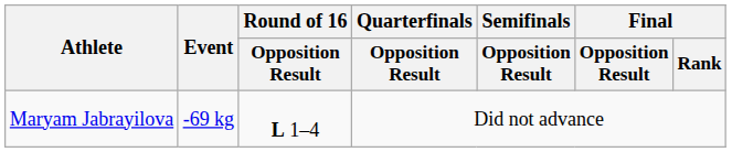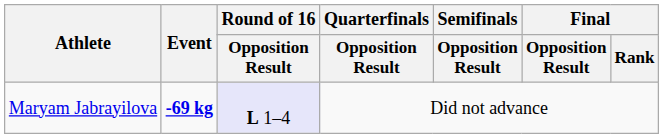 <table class="wikitable" style="font-size:90%">
 <tr>
 <th rowspan="2">Athlete</th>
 <th rowspan="2">Event</th>
 <th>Round of 16</th>
 <th>Quarterfinals</th>
 <th>Semifinals</th>
 <th colspan=2>Final</th>
 </tr>
 <tr style="font-size:95%">
 <th>Opposition<br>Result</th>
 <th>Opposition<br>Result</th>
 <th>Opposition<br>Result</th>
 <th>Opposition<br>Result</th>
 <th>Rank</th>
 </tr>
 <tr align=center>
 <td align=left><a href='#'>Maryam Jabrayilova</a></td>
-<td align=left><a href='#'>-69 kg</a></td>
-<td><br><strong>L</strong> 1–4</td>
+<td align=left><strong><a href='#'>-69 kg</a></strong></td>
+<td style="background: lavender;"><br><strong>L</strong> 1–4</td>
 <td colspan=4>Did not advance</td>
 </tr>
 </table>
